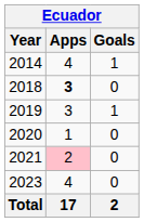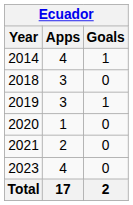 <table class="wikitable" style="text-align:center">
 <tr>
 <th colspan=3><a href='#'>Ecuador</a></th>
 </tr>
 <tr>
 <th>Year</th>
 <th>Apps</th>
 <th>Goals</th>
 </tr>
 <tr>
 <td>2014</td>
 <td>4</td>
 <td>1</td>
 </tr>
 <tr>
 <td>2018</td>
-<td><strong>3</strong></td>
+<td>3</td>
 <td>0</td>
 </tr>
 <tr>
 <td>2019</td>
 <td>3</td>
 <td>1</td>
 </tr>
 <tr>
 <td>2020</td>
 <td>1</td>
 <td>0</td>
 </tr>
 <tr>
 <td>2021</td>
-<td style="background: pink;">2</td>
+<td>2</td>
 <td>0</td>
 </tr>
 <tr>
 <td>2023</td>
 <td>4</td>
 <td>0</td>
 </tr>
 <tr>
 <th>Total</th>
 <th>17</th>
 <th>2</th>
 </tr>
 </table>
